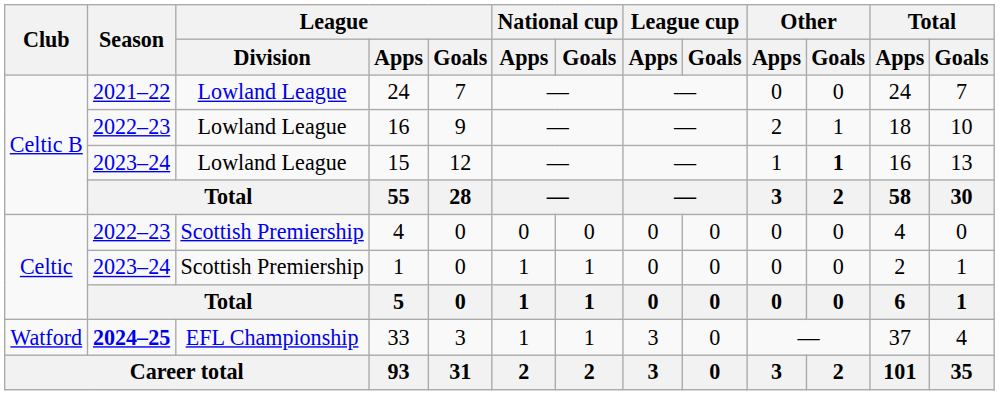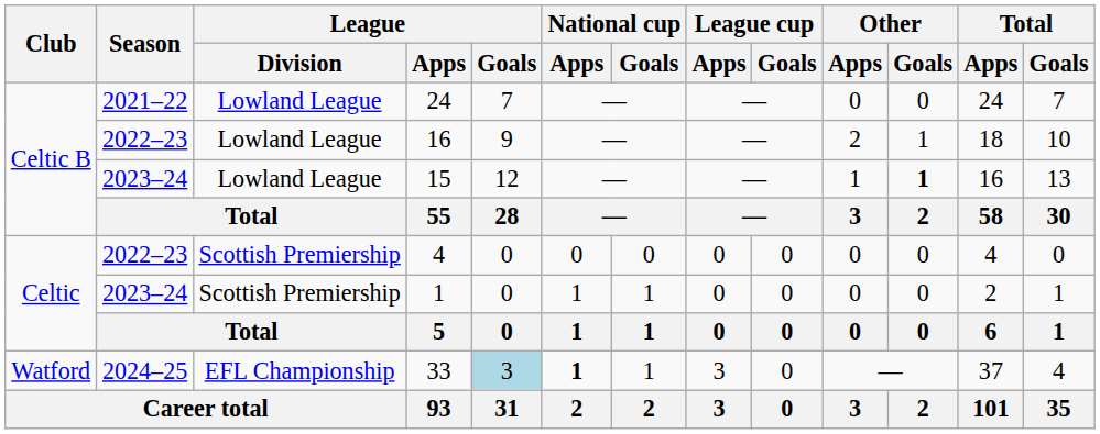 <table class="wikitable" style="text-align:center">
 <tr>
 <th rowspan=2>Club</th>
 <th rowspan=2>Season</th>
 <th colspan=3>League</th>
 <th colspan=2>National cup</th>
 <th colspan=2>League cup</th>
 <th colspan=2>Other</th>
 <th colspan=2>Total</th>
 </tr>
 <tr>
 <th>Division</th>
 <th>Apps</th>
 <th>Goals</th>
 <th>Apps</th>
 <th>Goals</th>
 <th>Apps</th>
 <th>Goals</th>
 <th>Apps</th>
 <th>Goals</th>
 <th>Apps</th>
 <th>Goals</th>
 </tr>
 <tr>
 <td rowspan=4><a href='#'>Celtic B</a></td>
 <td><a href='#'>2021–22</a></td>
 <td><a href='#'>Lowland League</a></td>
 <td>24</td>
 <td>7</td>
 <td colspan=2>—</td>
 <td colspan=2>—</td>
 <td>0</td>
 <td>0</td>
 <td>24</td>
 <td>7</td>
 </tr>
 <tr>
 <td><a href='#'>2022–23</a></td>
 <td>Lowland League</td>
 <td>16</td>
 <td>9</td>
 <td colspan=2>—</td>
 <td colspan=2>—</td>
 <td>2</td>
 <td>1</td>
 <td>18</td>
 <td>10</td>
 </tr>
 <tr>
 <td><a href='#'>2023–24</a></td>
 <td>Lowland League</td>
 <td>15</td>
 <td>12</td>
 <td colspan=2>—</td>
 <td colspan=2>—</td>
 <td>1</td>
 <td><strong>1</strong></td>
 <td>16</td>
 <td>13</td>
 </tr>
 <tr>
 <th colspan=2>Total</th>
 <th>55</th>
 <th>28</th>
 <th colspan=2>—</th>
 <th colspan=2>—</th>
 <th>3</th>
 <th>2</th>
 <th>58</th>
 <th>30</th>
 </tr>
 <tr>
 <td rowspan=3><a href='#'>Celtic</a></td>
 <td><a href='#'>2022–23</a></td>
 <td><a href='#'>Scottish Premiership</a></td>
 <td>4</td>
 <td>0</td>
 <td>0</td>
 <td>0</td>
 <td>0</td>
 <td>0</td>
 <td>0</td>
 <td>0</td>
 <td>4</td>
 <td>0</td>
 </tr>
 <tr>
 <td><a href='#'>2023–24</a></td>
 <td>Scottish Premiership</td>
 <td>1</td>
 <td>0</td>
 <td>1</td>
 <td>1</td>
 <td>0</td>
 <td>0</td>
 <td>0</td>
 <td>0</td>
 <td>2</td>
 <td>1</td>
 </tr>
 <tr>
 <th colspan=2>Total</th>
 <th>5</th>
 <th>0</th>
 <th>1</th>
 <th>1</th>
 <th>0</th>
 <th>0</th>
 <th>0</th>
 <th>0</th>
 <th>6</th>
 <th>1</th>
 </tr>
 <tr>
 <td><a href='#'>Watford</a></td>
-<td><strong><a href='#'>2024–25</a></strong></td>
+<td><a href='#'>2024–25</a></td>
 <td><a href='#'>EFL Championship</a></td>
 <td>33</td>
-<td>3</td>
-<td>1</td>
+<td style="background: lightblue;">3</td>
+<td><strong>1</strong></td>
 <td>1</td>
 <td>3</td>
 <td>0</td>
 <td colspan=2>—</td>
 <td>37</td>
 <td>4</td>
 </tr>
 <tr>
 <th colspan=3>Career total</th>
 <th>93</th>
 <th>31</th>
 <th>2</th>
 <th>2</th>
 <th>3</th>
 <th>0</th>
 <th>3</th>
 <th>2</th>
 <th>101</th>
 <th>35</th>
 </tr>
 </table>
